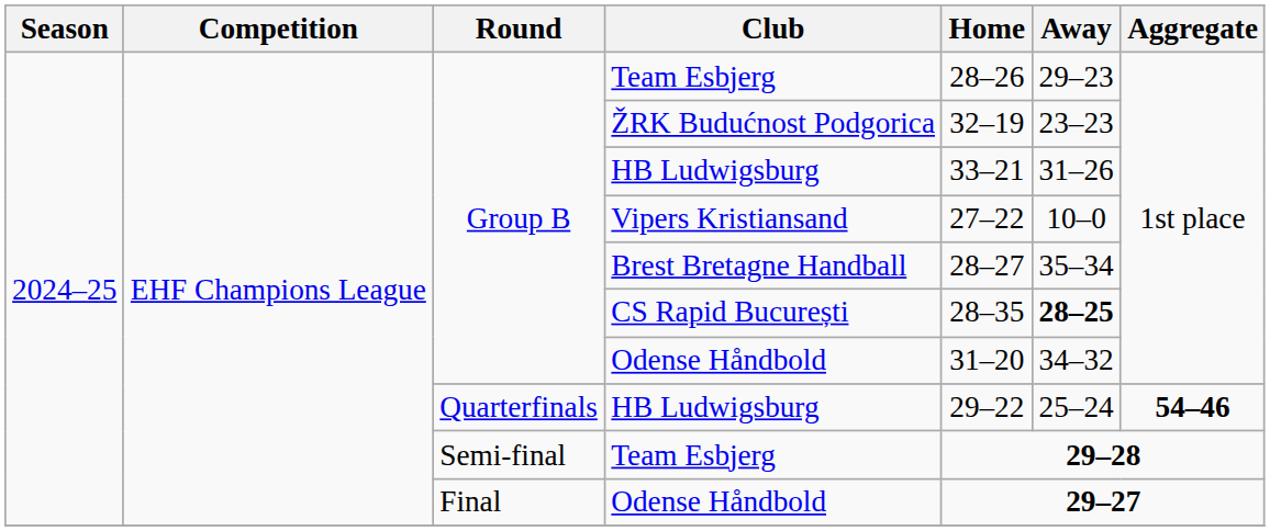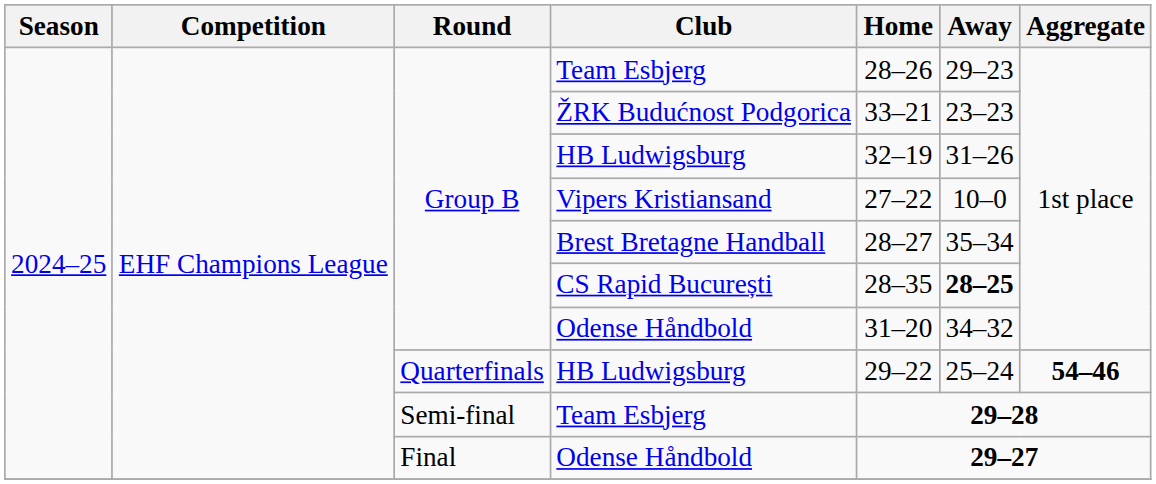 <table class="wikitable">
 <tr>
 <th>Season</th>
 <th>Competition</th>
 <th>Round</th>
 <th>Club</th>
 <th>Home</th>
 <th>Away</th>
 <th>Aggregate</th>
 </tr>
 <tr>
 <td rowspan=10><a href='#'>2024–25</a></td>
 <td rowspan=10><a href='#'>EHF Champions League</a></td>
 <td rowspan=7 style="text-align:center;"><a href='#'>Group B</a></td>
 <td> <a href='#'>Team Esbjerg</a></td>
 <td style="text-align:center;">28–26</td>
 <td style="text-align:center;">29–23</td>
 <td align=center rowspan=7>1st place</td>
 </tr>
 <tr>
 <td> <a href='#'>ŽRK Budućnost Podgorica</a></td>
-<td style="text-align:center;">32–19</td>
+<td style="text-align:center;">33–21</td>
 <td style="text-align:center;">23–23</td>
 </tr>
 <tr>
 <td> <a href='#'>HB Ludwigsburg</a></td>
-<td style="text-align:center;">33–21</td>
+<td style="text-align:center;">32–19</td>
 <td style="text-align:center;">31–26</td>
 </tr>
 <tr>
 <td> <a href='#'>Vipers Kristiansand</a></td>
 <td style="text-align:center;">27–22</td>
 <td style="text-align:center;">10–0</td>
 </tr>
 <tr>
 <td> <a href='#'>Brest Bretagne Handball</a></td>
 <td style="text-align:center;">28–27</td>
 <td style="text-align:center;">35–34</td>
 </tr>
 <tr>
 <td> <a href='#'>CS Rapid București</a></td>
 <td style="text-align:center;">28–35</td>
 <td style="text-align:center;"><strong>28–25</strong></td>
 </tr>
 <tr>
 <td> <a href='#'>Odense Håndbold</a></td>
 <td style="text-align:center;">31–20</td>
 <td style="text-align:center;">34–32</td>
 </tr>
 <tr>
 <td style="text-align:center;"><a href='#'>Quarterfinals</a></td>
 <td> <a href='#'>HB Ludwigsburg</a></td>
 <td style="text-align:center;">29–22</td>
 <td style="text-align:center;">25–24</td>
 <td style="text-align:center;"><strong>54–46</strong></td>
 </tr>
 <tr>
 <td>Semi-final</td>
 <td> <a href='#'>Team Esbjerg</a></td>
 <td colspan=3; style="text-align:center;"><strong>29–28</strong></td>
 </tr>
 <tr>
 <td>Final</td>
 <td> <a href='#'>Odense Håndbold</a></td>
 <td colspan=3; style="text-align:center;"><strong>29–27</strong></td>
 </tr>
 <tr>
 </tr>
 </table>
